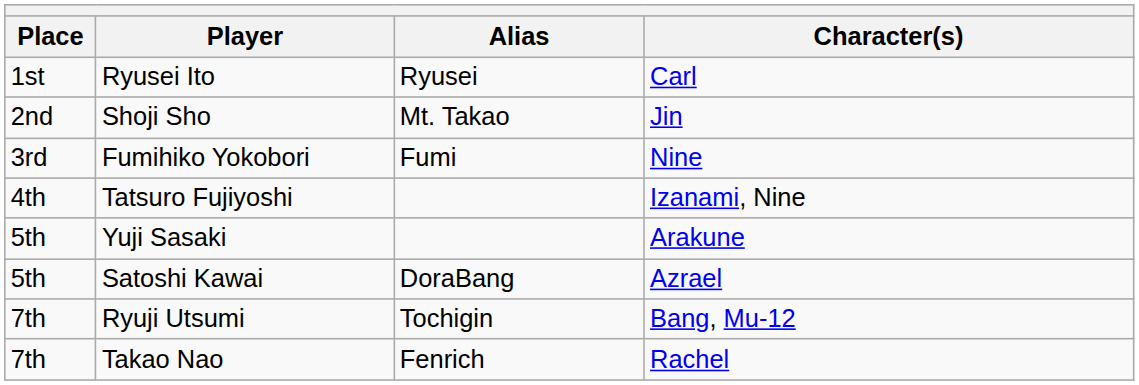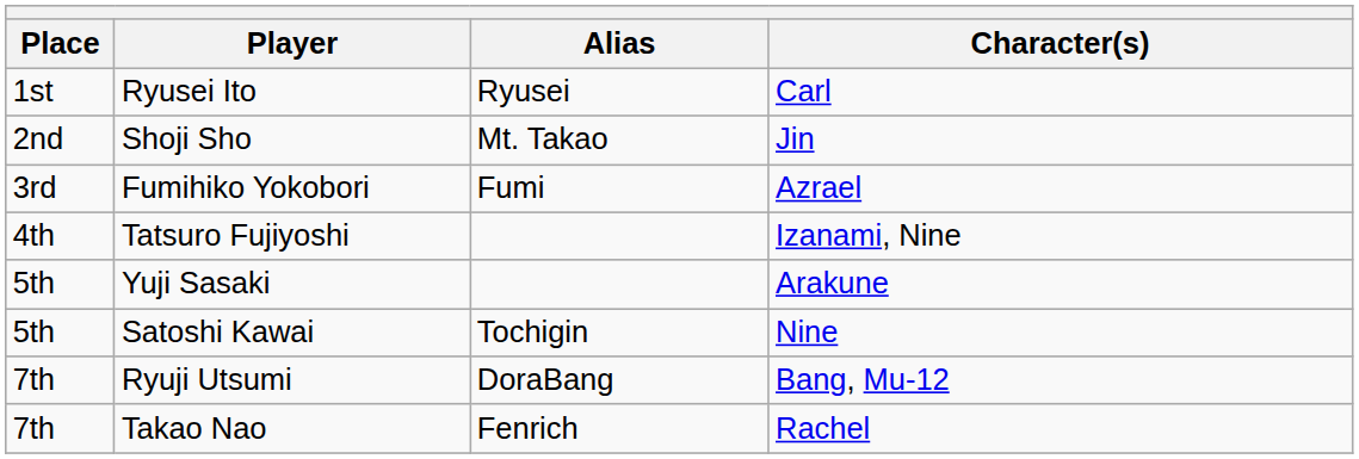 <table class="wikitable">
 <tr>
 <th colspan=5></th>
 </tr>
 <tr>
 <th style="width:50px;">Place</th>
 <th style="width:180px;">Player</th>
 <th style="width:150px;">Alias</th>
 <th style="width:300px;">Character(s)</th>
 </tr>
 <tr>
 <td>1st</td>
 <td> Ryusei Ito</td>
 <td>Ryusei</td>
 <td><a href='#'>Carl</a></td>
 </tr>
 <tr>
 <td>2nd</td>
 <td> Shoji Sho</td>
 <td>Mt. Takao</td>
 <td><a href='#'>Jin</a></td>
 </tr>
 <tr>
 <td>3rd</td>
 <td> Fumihiko Yokobori</td>
 <td>Fumi</td>
-<td><a href='#'>Nine</a></td>
+<td><a href='#'>Azrael</a></td>
 </tr>
 <tr>
 <td>4th</td>
 <td> Tatsuro Fujiyoshi</td>
 <td></td>
 <td><a href='#'>Izanami</a>, Nine</td>
 </tr>
 <tr>
 <td>5th</td>
 <td> Yuji Sasaki</td>
 <td></td>
 <td><a href='#'>Arakune</a></td>
 </tr>
 <tr>
 <td>5th</td>
 <td> Satoshi Kawai</td>
-<td>DoraBang</td>
-<td><a href='#'>Azrael</a></td>
+<td>Tochigin</td>
+<td><a href='#'>Nine</a></td>
 </tr>
 <tr>
 <td>7th</td>
 <td> Ryuji Utsumi</td>
-<td>Tochigin</td>
+<td>DoraBang</td>
 <td><a href='#'>Bang</a>, <a href='#'>Mu-12</a></td>
 </tr>
 <tr>
 <td>7th</td>
 <td> Takao Nao</td>
 <td>Fenrich</td>
 <td><a href='#'>Rachel</a></td>
 </tr>
 </table>
